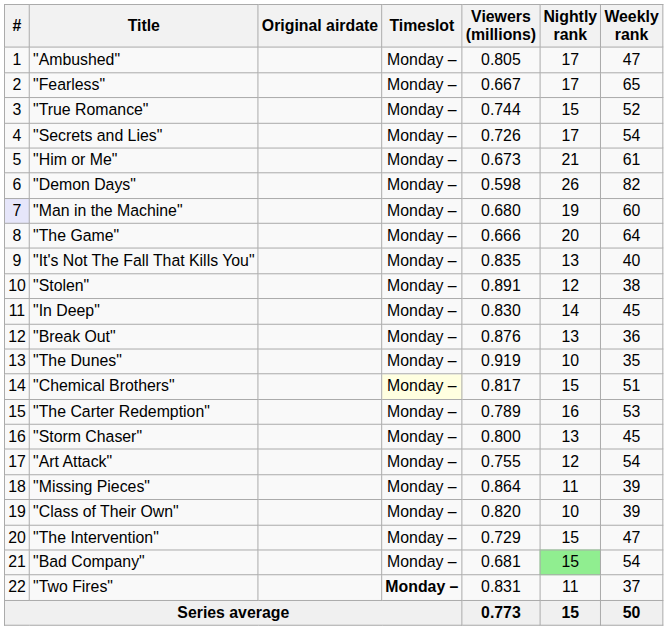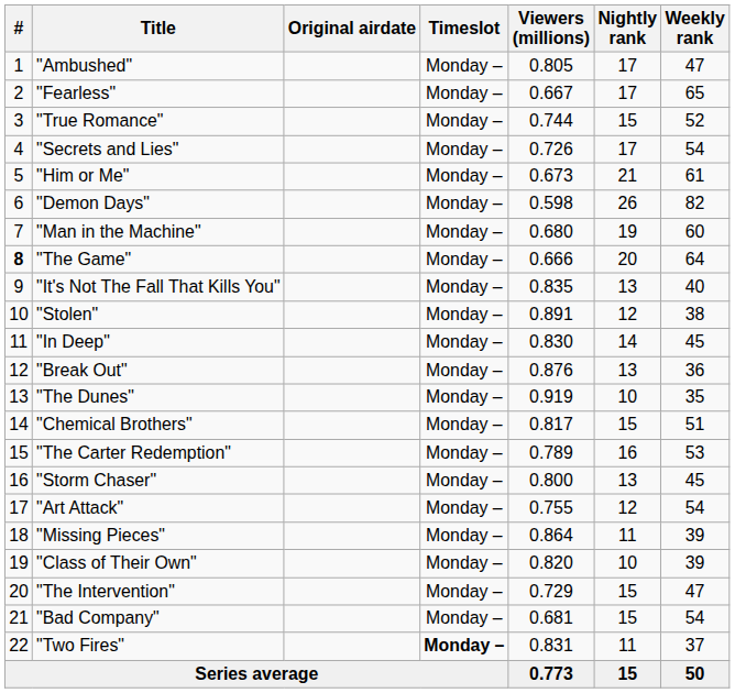 <table class="wikitable sortable" style="text-align:center">
 <tr>
 <th>#</th>
 <th>Title</th>
 <th>Original airdate</th>
 <th>Timeslot</th>
 <th>Viewers<br>(millions)</th>
 <th>Nightly<br>rank</th>
 <th>Weekly<br>rank</th>
 </tr>
 <tr>
 <td>1</td>
 <td style="text-align:left">"Ambushed"</td>
 <td></td>
 <td>Monday –</td>
 <td>0.805</td>
 <td>17</td>
 <td>47</td>
 </tr>
 <tr>
 <td>2</td>
 <td style="text-align:left">"Fearless"</td>
 <td></td>
 <td>Monday –</td>
 <td>0.667</td>
 <td>17</td>
 <td>65</td>
 </tr>
 <tr>
 <td>3</td>
 <td style="text-align:left">"True Romance"</td>
 <td></td>
 <td>Monday –</td>
 <td>0.744</td>
 <td>15</td>
 <td>52</td>
 </tr>
 <tr>
 <td>4</td>
 <td style="text-align:left">"Secrets and Lies"</td>
 <td></td>
 <td>Monday –</td>
 <td>0.726</td>
 <td>17</td>
 <td>54</td>
 </tr>
 <tr>
 <td>5</td>
 <td style="text-align:left">"Him or Me"</td>
 <td></td>
 <td>Monday –</td>
 <td>0.673</td>
 <td>21</td>
 <td>61</td>
 </tr>
 <tr>
 <td>6</td>
 <td style="text-align:left">"Demon Days"</td>
 <td></td>
 <td>Monday –</td>
 <td>0.598</td>
 <td>26</td>
 <td>82</td>
 </tr>
 <tr>
-<td style="background: lavender;">7</td>
+<td>7</td>
 <td style="text-align:left">"Man in the Machine"</td>
 <td></td>
 <td>Monday –</td>
 <td>0.680</td>
 <td>19</td>
 <td>60</td>
 </tr>
 <tr>
-<td>8</td>
+<td><strong>8</strong></td>
 <td style="text-align:left">"The Game"</td>
 <td></td>
 <td>Monday –</td>
 <td>0.666</td>
 <td>20</td>
 <td>64</td>
 </tr>
 <tr>
 <td>9</td>
 <td style="text-align:left">"It's Not The Fall That Kills You"</td>
 <td></td>
 <td>Monday –</td>
 <td>0.835</td>
 <td>13</td>
 <td>40</td>
 </tr>
 <tr>
 <td>10</td>
 <td style="text-align:left">"Stolen"</td>
 <td></td>
 <td>Monday –</td>
 <td>0.891</td>
 <td>12</td>
 <td>38</td>
 </tr>
 <tr>
 <td>11</td>
 <td style="text-align:left">"In Deep"</td>
 <td></td>
 <td>Monday –</td>
 <td>0.830</td>
 <td>14</td>
 <td>45</td>
 </tr>
 <tr>
 <td>12</td>
 <td style="text-align:left">"Break Out"</td>
 <td></td>
 <td>Monday –</td>
 <td>0.876</td>
 <td>13</td>
 <td>36</td>
 </tr>
 <tr>
 <td>13</td>
 <td style="text-align:left">"The Dunes"</td>
 <td></td>
 <td>Monday –</td>
 <td>0.919</td>
 <td>10</td>
 <td>35</td>
 </tr>
 <tr>
 <td>14</td>
 <td style="text-align:left">"Chemical Brothers"</td>
 <td></td>
-<td style="background: lightyellow;">Monday –</td>
+<td>Monday –</td>
 <td>0.817</td>
 <td>15</td>
 <td>51</td>
 </tr>
 <tr>
 <td>15</td>
 <td style="text-align:left">"The Carter Redemption"</td>
 <td></td>
 <td>Monday –</td>
 <td>0.789</td>
 <td>16</td>
 <td>53</td>
 </tr>
 <tr>
 <td>16</td>
 <td style="text-align:left">"Storm Chaser"</td>
 <td></td>
 <td>Monday –</td>
 <td>0.800</td>
 <td>13</td>
 <td>45</td>
 </tr>
 <tr>
 <td>17</td>
 <td style="text-align:left">"Art Attack"</td>
 <td></td>
 <td>Monday –</td>
 <td>0.755</td>
 <td>12</td>
 <td>54</td>
 </tr>
 <tr>
 <td>18</td>
 <td style="text-align:left">"Missing Pieces"</td>
 <td></td>
 <td>Monday –</td>
 <td>0.864</td>
 <td>11</td>
 <td>39</td>
 </tr>
 <tr>
 <td>19</td>
 <td style="text-align:left">"Class of Their Own"</td>
 <td></td>
 <td>Monday –</td>
 <td>0.820</td>
 <td>10</td>
 <td>39</td>
 </tr>
 <tr>
 <td>20</td>
 <td style="text-align:left">"The Intervention"</td>
 <td></td>
 <td>Monday –</td>
 <td>0.729</td>
 <td>15</td>
 <td>47</td>
 </tr>
 <tr>
 <td>21</td>
 <td style="text-align:left">"Bad Company"</td>
 <td></td>
 <td>Monday –</td>
 <td>0.681</td>
-<td style="background: lightgreen;">15</td>
+<td>15</td>
 <td>54</td>
 </tr>
 <tr>
 <td>22</td>
 <td style="text-align:left">"Two Fires"</td>
 <td></td>
 <td><strong>Monday –</strong></td>
 <td>0.831</td>
 <td>11</td>
 <td>37</td>
 </tr>
 <tr class="sortbottom" style="font-weight:bold; background:#f0f0f0">
 <td colspan=4>Series average</td>
 <td>0.773</td>
 <td>15</td>
 <td>50</td>
 </tr>
 </table>
